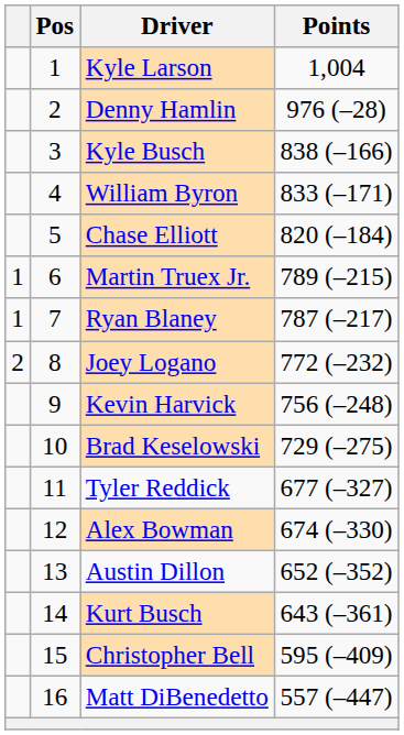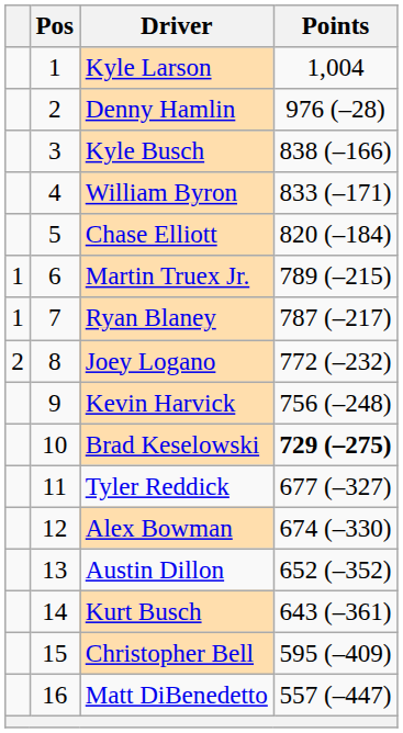 <table class="wikitable" style="font-size: 95%">
 <tr>
 <th></th>
 <th>Pos</th>
 <th>Driver</th>
 <th>Points</th>
 </tr>
 <tr>
 <td align="left"></td>
 <td style="text-align:center;">1</td>
 <td style="background:#FFDEAD;"><a href='#'>Kyle Larson</a></td>
 <td style="text-align:center;">1,004</td>
 </tr>
 <tr>
 <td align="left"></td>
 <td style="text-align:center;">2</td>
 <td style="background:#FFDEAD;"><a href='#'>Denny Hamlin</a></td>
 <td style="text-align:center;">976 (–28)</td>
 </tr>
 <tr>
 <td align="left"></td>
 <td style="text-align:center;">3</td>
 <td style="background:#FFDEAD;"><a href='#'>Kyle Busch</a></td>
 <td style="text-align:center;">838 (–166)</td>
 </tr>
 <tr>
 <td align="left"></td>
 <td style="text-align:center;">4</td>
 <td style="background:#FFDEAD;"><a href='#'>William Byron</a></td>
 <td style="text-align:center;">833 (–171)</td>
 </tr>
 <tr>
 <td align="left"></td>
 <td style="text-align:center;">5</td>
 <td style="background:#FFDEAD;"><a href='#'>Chase Elliott</a></td>
 <td style="text-align:center;">820 (–184)</td>
 </tr>
 <tr>
 <td align="left"> 1</td>
 <td style="text-align:center;">6</td>
 <td style="background:#FFDEAD;"><a href='#'>Martin Truex Jr.</a></td>
 <td style="text-align:center;">789 (–215)</td>
 </tr>
 <tr>
 <td align="left"> 1</td>
 <td style="text-align:center;">7</td>
 <td style="background:#FFDEAD;"><a href='#'>Ryan Blaney</a></td>
 <td style="text-align:center;">787 (–217)</td>
 </tr>
 <tr>
 <td align="left"> 2</td>
 <td style="text-align:center;">8</td>
 <td style="background:#FFDEAD;"><a href='#'>Joey Logano</a></td>
 <td style="text-align:center;">772 (–232)</td>
 </tr>
 <tr>
 <td align="left"></td>
 <td style="text-align:center;">9</td>
 <td style="background:#FFDEAD;"><a href='#'>Kevin Harvick</a></td>
 <td style="text-align:center;">756 (–248)</td>
 </tr>
 <tr>
 <td align="left"></td>
 <td style="text-align:center;">10</td>
 <td style="background:#FFDEAD;"><a href='#'>Brad Keselowski</a></td>
-<td style="text-align:center;">729 (–275)</td>
+<td style="text-align:center;"><strong>729 (–275)</strong></td>
 </tr>
 <tr>
 <td align="left"></td>
 <td style="text-align:center;">11</td>
 <td><a href='#'>Tyler Reddick</a></td>
 <td style="text-align:center;">677 (–327)</td>
 </tr>
 <tr>
 <td align="left"></td>
 <td style="text-align:center;">12</td>
 <td style="background:#FFDEAD;"><a href='#'>Alex Bowman</a></td>
 <td style="text-align:center;">674 (–330)</td>
 </tr>
 <tr>
 <td align="left"></td>
 <td style="text-align:center;">13</td>
 <td><a href='#'>Austin Dillon</a></td>
 <td style="text-align:center;">652 (–352)</td>
 </tr>
 <tr>
 <td align="left"></td>
 <td style="text-align:center;">14</td>
 <td style="background:#FFDEAD;"><a href='#'>Kurt Busch</a></td>
 <td style="text-align:center;">643 (–361)</td>
 </tr>
 <tr>
 <td align="left"></td>
 <td style="text-align:center;">15</td>
 <td style="background:#FFDEAD;"><a href='#'>Christopher Bell</a></td>
 <td style="text-align:center;">595 (–409)</td>
 </tr>
 <tr>
 <td align="left"></td>
 <td style="text-align:center;">16</td>
 <td><a href='#'>Matt DiBenedetto</a></td>
 <td style="text-align:center;">557 (–447)</td>
 </tr>
 <tr class="sortbottom">
 <th colspan="9"></th>
 </tr>
 </table>
